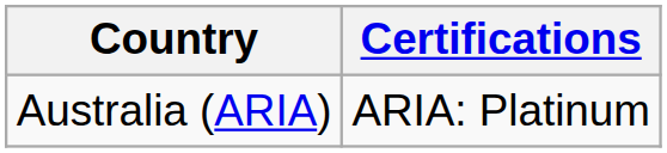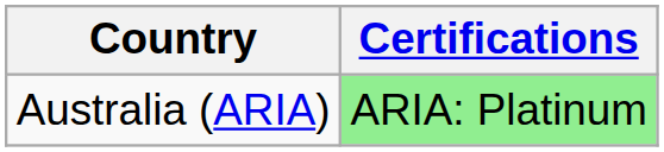 <table class="wikitable">
 <tr>
 <th>Country</th>
 <th><a href='#'>Certifications</a></th>
 </tr>
 <tr>
 <td>Australia (<a href='#'>ARIA</a>)</td>
-<td>ARIA: Platinum</td>
+<td style="background: lightgreen;">ARIA: Platinum</td>
 </tr>
 </table>
